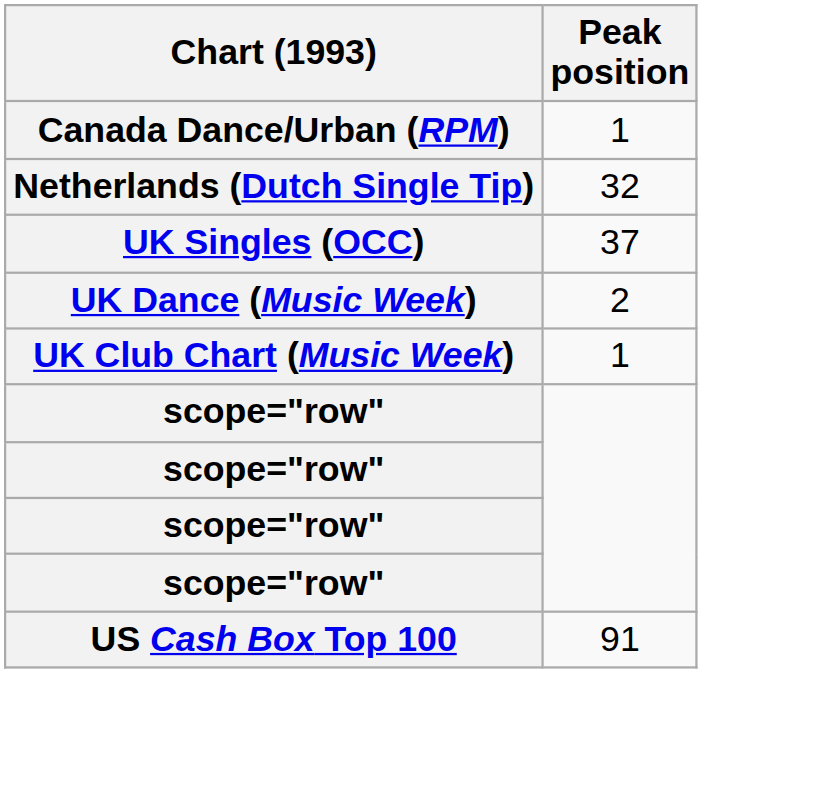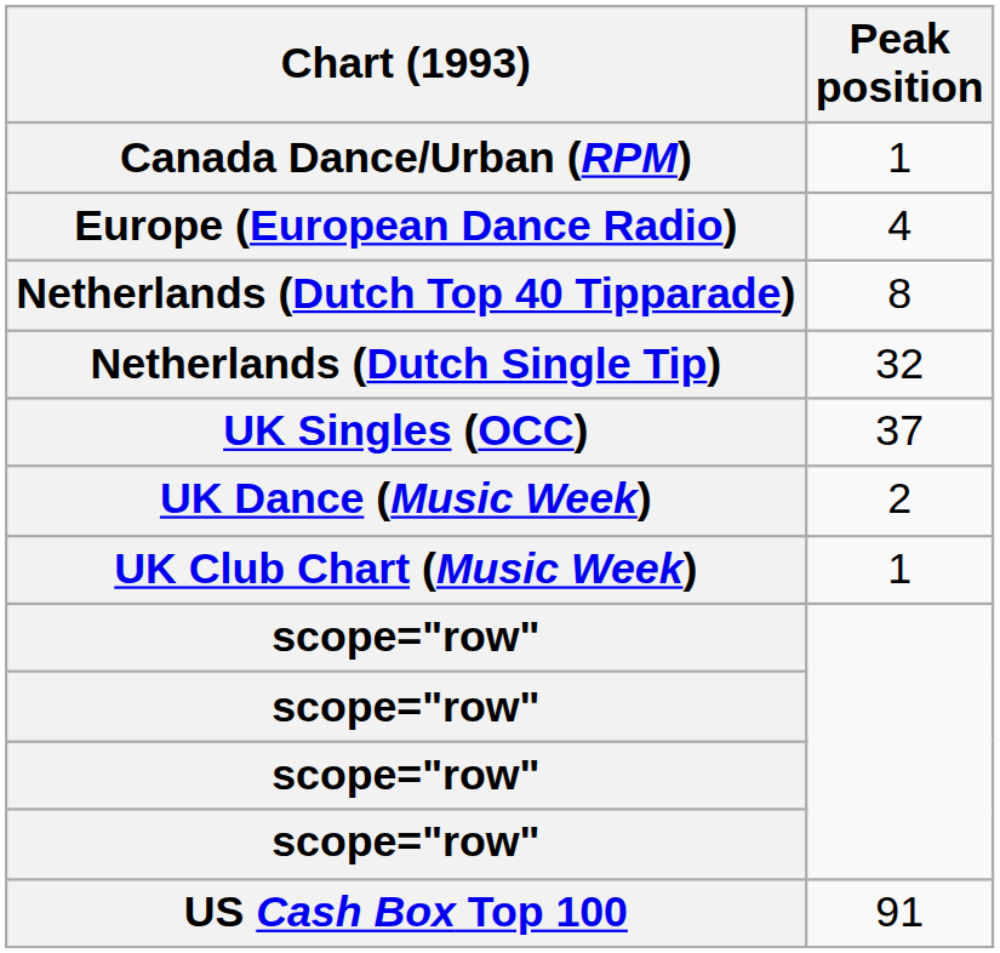 <table class="wikitable sortable plainrowheaders">
 <tr>
 <th scope="col">Chart (1993)</th>
 <th scope="col">Peak <br>position</th>
 </tr>
 <tr>
 <th scope="row">Canada Dance/Urban (<a href='#'><em>RPM</em></a>)</th>
 <td align="center">1</td>
+</tr>
+<tr>
+<th scope="row">Europe (<a href='#'>European Dance Radio</a>)</th>
+<td align="center">4</td>
+</tr>
+<tr>
+<th scope="row">Netherlands (<a href='#'>Dutch Top 40 Tipparade</a>)</th>
+<td align="center">8</td>
 </tr>
 <tr>
 <th scope="row">Netherlands (<a href='#'>Dutch Single Tip</a>)</th>
 <td align="center">32</td>
 </tr>
 <tr>
 <th scope="row"><a href='#'>UK Singles</a> (<a href='#'>OCC</a>)</th>
 <td align="center">37</td>
 </tr>
 <tr>
 <th scope="row"><a href='#'>UK Dance</a> (<em><a href='#'>Music Week</a></em>)</th>
 <td align="center">2</td>
 </tr>
 <tr>
 <th scope="row"><a href='#'>UK Club Chart</a> (<em><a href='#'>Music Week</a></em>)</th>
 <td align="center">1</td>
 </tr>
 <tr>
 <th>scope="row" </th>
 </tr>
 <tr>
 <th>scope="row" </th>
 </tr>
 <tr>
 <th>scope="row" </th>
 </tr>
 <tr>
 <th>scope="row" </th>
 </tr>
 <tr>
 <th scope="row">US <a href='#'><em>Cash Box</em> Top 100</a></th>
 <td align="center">91</td>
 </tr>
 </table>
